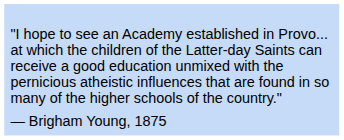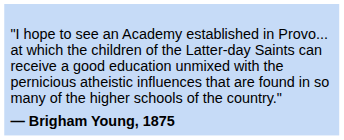 <table class="toccolours" style="float: right; margin-left: 1em; margin-right: 2em; font-size: 85%; background:#c6dbf7; color:black; width:30em; max-width: 25%;" cellspacing="5">
 <tr>
 <td style="text-align: left;"><br>"I hope to see an Academy established in Provo... at which the children of the Latter-day Saints can receive a good education unmixed with the pernicious atheistic influences that are found in so many of the higher schools of the country."</td>
 </tr>
 <tr>
-<td style="text-align: left;">— Brigham Young, 1875</td>
+<td style="text-align: left;"><strong>— Brigham Young, 1875</strong></td>
 </tr>
 </table>
